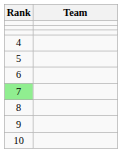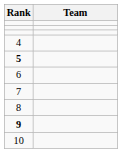 <table class=wikitable style="text-align:center;">
 <tr>
 <th>Rank</th>
 <th width=125>Team</th>
 </tr>
 <tr>
 <td></td>
 <td align=left></td>
 </tr>
 <tr>
 <td></td>
 <td align=left></td>
 </tr>
 <tr>
 <td></td>
 <td align=left></td>
 </tr>
 <tr>
 <td>4</td>
 <td align=left></td>
 </tr>
 <tr>
-<td>5</td>
+<td><strong>5</strong></td>
 <td align=left></td>
 </tr>
 <tr>
 <td>6</td>
 <td align=left></td>
 </tr>
 <tr>
-<td style="background: lightgreen;">7</td>
+<td>7</td>
 <td align=left></td>
 </tr>
 <tr>
 <td>8</td>
 <td align=left></td>
 </tr>
 <tr>
-<td>9</td>
+<td><strong>9</strong></td>
 <td align=left></td>
 </tr>
 <tr>
 <td>10</td>
 <td align=left></td>
 </tr>
 </table>
